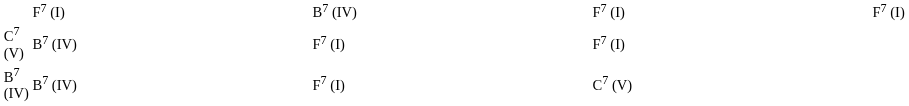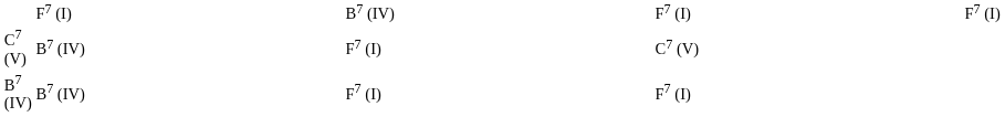 <table>
 <tr>
 <td><br></td>
 <td width="25%">F<sup>7</sup> (I)</td>
 <td width="25%">B<sup>7</sup> (IV)</td>
 <td width="25%">F<sup>7</sup> (I)</td>
 <td width="25%">F<sup>7</sup> (I)</td>
 </tr>
 <tr>
 <td>C<sup>7</sup> (V)</td>
 <td>B<sup>7</sup> (IV)</td>
 <td>F<sup>7</sup> (I)</td>
-<td>F<sup>7</sup> (I)</td>
+<td>C<sup>7</sup> (V)</td>
 </tr>
 <tr>
 <td>B<sup>7</sup> (IV)</td>
 <td>B<sup>7</sup> (IV)</td>
 <td>F<sup>7</sup> (I)</td>
-<td>C<sup>7</sup> (V)</td>
+<td>F<sup>7</sup> (I)</td>
 </tr>
 </table>
